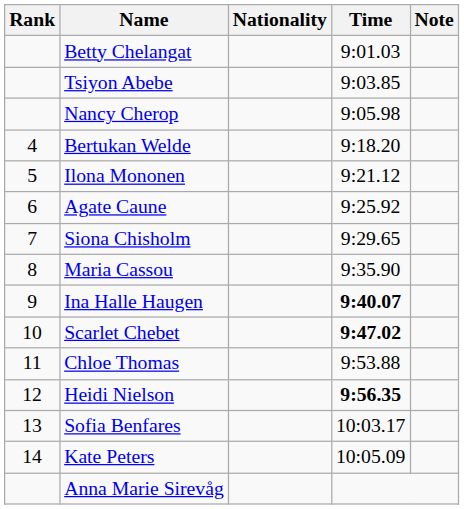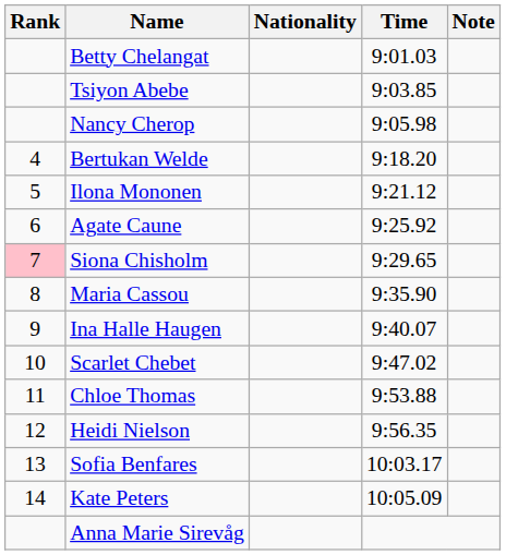 <table class="wikitable sortable" style="text-align:center">
 <tr>
 <th>Rank</th>
 <th>Name</th>
 <th>Nationality</th>
 <th>Time</th>
 <th>Note</th>
 </tr>
 <tr>
 <td></td>
 <td align=left><a href='#'>Betty Chelangat</a></td>
 <td align=left></td>
 <td>9:01.03</td>
 <td></td>
 </tr>
 <tr>
 <td></td>
 <td align=left><a href='#'>Tsiyon Abebe</a></td>
 <td align=left></td>
 <td>9:03.85</td>
 <td></td>
 </tr>
 <tr>
 <td></td>
 <td align=left><a href='#'>Nancy Cherop</a></td>
 <td align=left></td>
 <td>9:05.98</td>
 <td></td>
 </tr>
 <tr>
 <td>4</td>
 <td align=left><a href='#'>Bertukan Welde</a></td>
 <td align=left></td>
 <td>9:18.20</td>
 <td></td>
 </tr>
 <tr>
 <td>5</td>
 <td align=left><a href='#'>Ilona Mononen</a></td>
 <td align=left></td>
 <td>9:21.12</td>
 <td></td>
 </tr>
 <tr>
 <td>6</td>
 <td align=left><a href='#'>Agate Caune</a></td>
 <td align=left></td>
 <td>9:25.92</td>
 <td></td>
 </tr>
 <tr>
-<td>7</td>
+<td style="background: pink;">7</td>
 <td align=left><a href='#'>Siona Chisholm</a></td>
 <td align=left></td>
 <td>9:29.65</td>
 <td></td>
 </tr>
 <tr>
 <td>8</td>
 <td align=left><a href='#'>Maria Cassou</a></td>
 <td align=left></td>
 <td>9:35.90</td>
 <td></td>
 </tr>
 <tr>
 <td>9</td>
 <td align=left><a href='#'>Ina Halle Haugen</a></td>
 <td align=left></td>
-<td><strong>9:40.07</strong></td>
+<td>9:40.07</td>
 <td></td>
 </tr>
 <tr>
 <td>10</td>
 <td align=left><a href='#'>Scarlet Chebet</a></td>
 <td align=left></td>
-<td><strong>9:47.02</strong></td>
+<td>9:47.02</td>
 <td></td>
 </tr>
 <tr>
 <td>11</td>
 <td align=left><a href='#'>Chloe Thomas</a></td>
 <td align=left></td>
 <td>9:53.88</td>
 <td></td>
 </tr>
 <tr>
 <td>12</td>
 <td align=left><a href='#'>Heidi Nielson</a></td>
 <td align=left></td>
-<td><strong>9:56.35</strong></td>
+<td>9:56.35</td>
 <td></td>
 </tr>
 <tr>
 <td>13</td>
 <td align=left><a href='#'>Sofia Benfares</a></td>
 <td align=left></td>
 <td>10:03.17</td>
 <td></td>
 </tr>
 <tr>
 <td>14</td>
 <td align=left><a href='#'>Kate Peters</a></td>
 <td align=left></td>
 <td>10:05.09</td>
 <td></td>
 </tr>
 <tr>
 <td></td>
 <td align=left><a href='#'>Anna Marie Sirevåg</a></td>
 <td align=left></td>
 <td colspan=2></td>
 </tr>
 </table>
